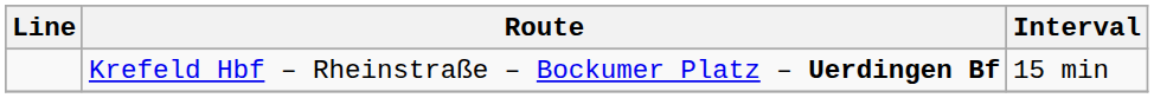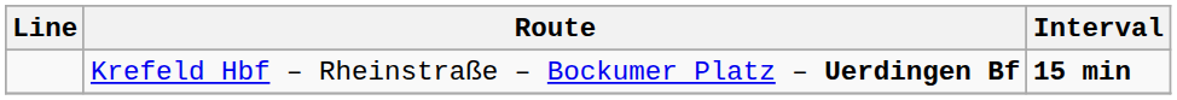 <table class="wikitable">
 <tr>
 <th>Line</th>
 <th>Route</th>
 <th>Interval</th>
 </tr>
 <tr>
 <td align="center"><a href='#'></a></td>
 <td><a href='#'>Krefeld Hbf</a> – Rheinstraße – <a href='#'>Bockumer Platz</a> – <strong>Uerdingen Bf</strong></td>
-<td>15 min</td>
+<td><strong>15 min</strong></td>
 </tr>
 <tr>
 </tr>
 </table>
